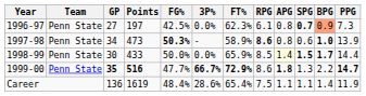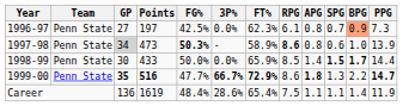 <table class="wikitable">
 <tr>
 <th>Year</th>
 <th>Team</th>
 <th>GP</th>
 <th>Points</th>
 <th>FG%</th>
 <th>3P%</th>
 <th>FT%</th>
 <th>RPG</th>
 <th>APG</th>
 <th>SPG</th>
 <th>BPG</th>
 <th>PPG</th>
 </tr>
 <tr>
 <td>1996-97</td>
 <td>Penn State</td>
 <td>27</td>
 <td>197</td>
 <td>42.5%</td>
 <td>0.0%</td>
 <td>62.3%</td>
 <td>6.1</td>
 <td>0.8</td>
-<td><strong>0.7</strong></td>
+<td>0.7</td>
 <td style="background: lightsalmon;">0.9</td>
 <td>7.3</td>
 </tr>
 <tr>
 <td>1997-98</td>
 <td>Penn State</td>
-<td>34</td>
+<td style="background: lightgrey;">34</td>
 <td>473</td>
 <td><strong>50.3%</strong></td>
 <td>-</td>
 <td>58.9%</td>
 <td><strong>8.6</strong></td>
 <td>0.8</td>
 <td>0.6</td>
-<td><strong>1.0</strong></td>
+<td>1.0</td>
 <td>13.9</td>
 </tr>
 <tr>
 <td>1998-99</td>
 <td>Penn State</td>
 <td>30</td>
 <td>433</td>
 <td>50.0%</td>
 <td>0.0%</td>
 <td>65.9%</td>
 <td>8.5</td>
-<td style="background: lightyellow;">1.4</td>
+<td>1.4</td>
 <td><strong>1.5</strong></td>
 <td><strong>1.7</strong></td>
 <td>14.4</td>
 </tr>
 <tr>
 <td>1999-00</td>
 <td><a href='#'>Penn State</a></td>
 <td><strong>35</strong></td>
 <td><strong>516</strong></td>
 <td>47.7%</td>
 <td><strong>66.7%</strong></td>
 <td><strong>72.9%</strong></td>
 <td>8.6</td>
 <td><strong>1.8</strong></td>
 <td>1.3</td>
 <td>2.2</td>
 <td><strong>14.7</strong></td>
 </tr>
 <tr>
 <td colspan="2">Career</td>
 <td>136</td>
 <td>1619</td>
 <td>48.4%</td>
 <td>28.6%</td>
 <td>65.4%</td>
 <td>7.5</td>
 <td>1.1</td>
 <td>1.1</td>
 <td>1.4</td>
 <td>11.9</td>
 </tr>
 </table>
